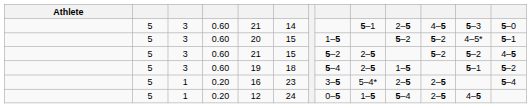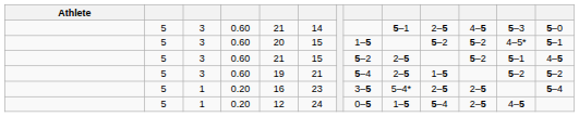 <table class="wikitable" style="text-align:center; font-size:90%;">
 <tr>
 <th width=200>Athlete</th>
 <th width=50></th>
 <th width=50></th>
 <th width=50></th>
 <th width=50></th>
 <th width=50></th>
 <th rowspan=7> </th>
 <th width=50></th>
 <th width=50></th>
 <th width=50></th>
 <th width=50></th>
 <th width=50></th>
 <th width=50></th>
 </tr>
 <tr>
 <td align=left></td>
 <td>5</td>
 <td>3</td>
 <td>0.60</td>
 <td>21</td>
 <td>14</td>
 <td></td>
 <td><strong>5</strong>–1</td>
 <td>2–<strong>5</strong></td>
 <td>4–<strong>5</strong></td>
 <td><strong>5</strong>–3</td>
 <td><strong>5</strong>–0</td>
 </tr>
 <tr>
 <td align=left></td>
 <td>5</td>
 <td>3</td>
 <td>0.60</td>
 <td>20</td>
 <td>15</td>
 <td>1–<strong>5</strong></td>
 <td></td>
 <td><strong>5</strong>–2</td>
 <td><strong>5</strong>–2</td>
 <td>4–5*</td>
 <td><strong>5</strong>–1</td>
 </tr>
 <tr>
 <td align=left></td>
 <td>5</td>
 <td>3</td>
 <td>0.60</td>
 <td>21</td>
 <td>15</td>
 <td><strong>5</strong>–2</td>
 <td>2–<strong>5</strong></td>
 <td></td>
 <td><strong>5</strong>–2</td>
-<td><strong>5</strong>–2</td>
+<td><strong>5</strong>–1</td>
 <td>4–<strong>5</strong></td>
 </tr>
 <tr>
 <td align=left></td>
 <td>5</td>
 <td>3</td>
 <td>0.60</td>
 <td>19</td>
-<td>18</td>
+<td>21</td>
 <td><strong>5</strong>–4</td>
 <td>2–<strong>5</strong></td>
 <td>1–<strong>5</strong></td>
 <td></td>
-<td><strong>5</strong>–1</td>
+<td><strong>5</strong>–2</td>
 <td><strong>5</strong>–2</td>
 </tr>
 <tr>
 <td align=left></td>
 <td>5</td>
 <td>1</td>
 <td>0.20</td>
 <td>16</td>
 <td>23</td>
 <td>3–<strong>5</strong></td>
 <td>5–4*</td>
 <td>2–<strong>5</strong></td>
 <td>2–<strong>5</strong></td>
 <td></td>
 <td><strong>5</strong>–4</td>
 </tr>
 <tr>
 <td align=left></td>
 <td>5</td>
 <td>1</td>
 <td>0.20</td>
 <td>12</td>
 <td>24</td>
 <td>0–<strong>5</strong></td>
 <td>1–<strong>5</strong></td>
 <td><strong>5</strong>–4</td>
 <td>2–<strong>5</strong></td>
 <td>4–<strong>5</strong></td>
 <td></td>
 </tr>
 </table>
